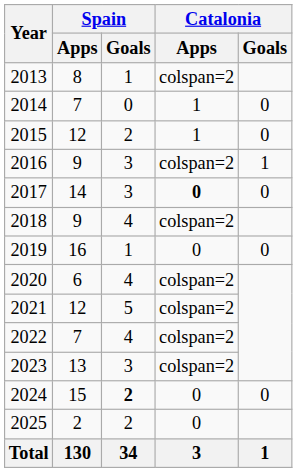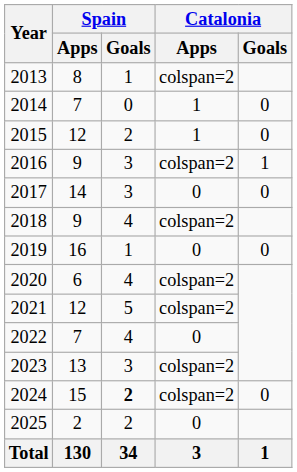 <table class="wikitable" style="text-align:center">
 <tr>
 <th rowspan="2">Year</th>
 <th colspan="2"><a href='#'>Spain</a></th>
 <th colspan="2"><a href='#'>Catalonia</a></th>
 </tr>
 <tr>
 <th>Apps</th>
 <th>Goals</th>
 <th>Apps</th>
 <th>Goals</th>
 </tr>
 <tr>
 <td>2013</td>
 <td>8</td>
 <td>1</td>
 <td>colspan=2</td>
 </tr>
 <tr>
 <td>2014</td>
 <td>7</td>
 <td>0</td>
 <td>1</td>
 <td>0</td>
 </tr>
 <tr>
 <td>2015</td>
 <td>12</td>
 <td>2</td>
 <td>1</td>
 <td>0</td>
 </tr>
 <tr>
 <td>2016</td>
 <td>9</td>
 <td>3</td>
 <td>colspan=2</td>
 <td>1</td>
 </tr>
 <tr>
 <td>2017</td>
 <td>14</td>
 <td>3</td>
-<td><strong>0</strong></td>
+<td>0</td>
 <td>0</td>
 </tr>
 <tr>
 <td>2018</td>
 <td>9</td>
 <td>4</td>
 <td>colspan=2</td>
 </tr>
 <tr>
 <td>2019</td>
 <td>16</td>
 <td>1</td>
 <td>0</td>
 <td>0</td>
 </tr>
 <tr>
 <td>2020</td>
 <td>6</td>
 <td>4</td>
 <td>colspan=2</td>
 </tr>
 <tr>
 <td>2021</td>
 <td>12</td>
 <td>5</td>
 <td>colspan=2</td>
 </tr>
 <tr>
 <td>2022</td>
 <td>7</td>
 <td>4</td>
-<td>colspan=2</td>
+<td>0</td>
 </tr>
 <tr>
 <td>2023</td>
 <td>13</td>
 <td>3</td>
 <td>colspan=2</td>
 </tr>
 <tr>
 <td>2024</td>
 <td>15</td>
 <td><strong>2</strong></td>
-<td>0</td>
+<td>colspan=2</td>
 <td>0</td>
 </tr>
 <tr>
 <td>2025</td>
 <td>2</td>
 <td>2</td>
 <td>0</td>
 </tr>
 <tr>
 <th>Total</th>
 <th>130</th>
 <th>34</th>
 <th>3</th>
 <th>1</th>
 </tr>
 </table>
